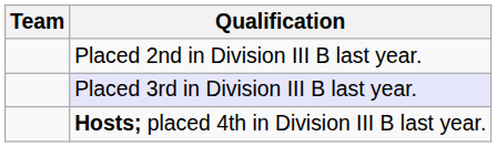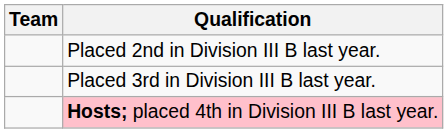 <table class="wikitable">
 <tr>
 <th>Team</th>
 <th>Qualification</th>
 </tr>
 <tr>
 <td></td>
 <td>Placed 2nd in Division III B last year.</td>
 </tr>
 <tr>
 <td></td>
-<td style="background: lavender;">Placed 3rd in Division III B last year.</td>
+<td>Placed 3rd in Division III B last year.</td>
 </tr>
 <tr>
 <td></td>
-<td><strong>Hosts;</strong> placed 4th in Division III B last year.</td>
+<td style="background: pink;"><strong>Hosts;</strong> placed 4th in Division III B last year.</td>
 </tr>
 </table>
